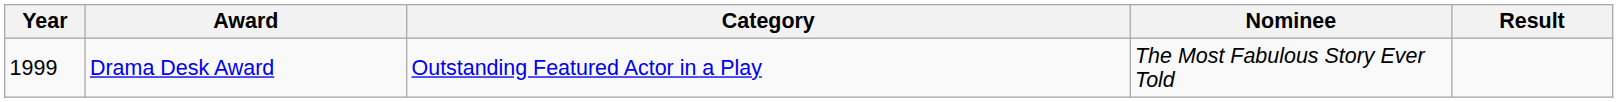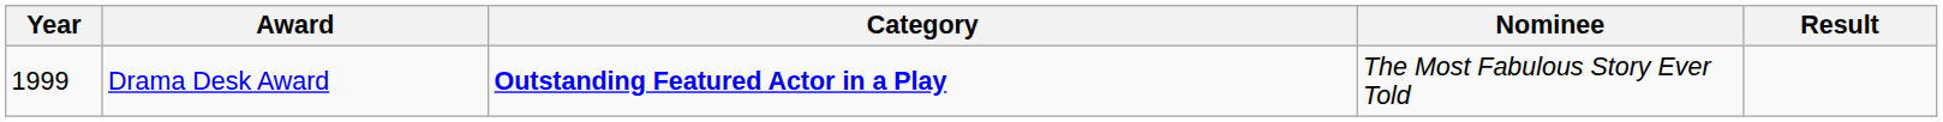 <table class="wikitable" style="width:95%;">
 <tr>
 <th style="width:5%;">Year</th>
 <th style="width:20%;">Award</th>
 <th style="width:45%;">Category</th>
 <th style="width:20%;">Nominee</th>
 <th style="width:10%;">Result</th>
 </tr>
 <tr>
 <td rowspan="3">1999</td>
 <td><a href='#'>Drama Desk Award</a></td>
-<td><a href='#'>Outstanding Featured Actor in a Play</a></td>
+<td><strong><a href='#'>Outstanding Featured Actor in a Play</a></strong></td>
 <td><em>The Most Fabulous Story Ever Told</em></td>
 <td></td>
 </tr>
 </table>
